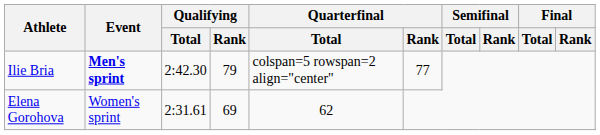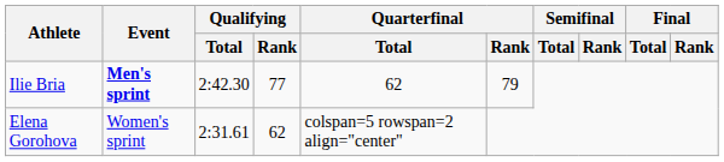 <table class="wikitable" style="font-size:90%">
 <tr>
 <th rowspan="2">Athlete</th>
 <th rowspan="2">Event</th>
 <th colspan="2">Qualifying</th>
 <th colspan="2">Quarterfinal</th>
 <th colspan="2">Semifinal</th>
 <th colspan="2">Final</th>
 </tr>
 <tr>
 <th>Total</th>
 <th>Rank</th>
 <th>Total</th>
 <th>Rank</th>
 <th>Total</th>
 <th>Rank</th>
 <th>Total</th>
 <th>Rank</th>
 </tr>
 <tr>
 <td><a href='#'>Ilie Bria</a></td>
 <td><strong><a href='#'>Men's sprint</a></strong></td>
 <td align="center">2:42.30</td>
+<td align="center">77</td>
+<td align="center">62</td>
 <td align="center">79</td>
-<td>colspan=5 rowspan=2 align="center" </td>
-<td align="center">77</td>
 </tr>
 <tr>
 <td><a href='#'>Elena Gorohova</a></td>
 <td><a href='#'>Women's sprint</a></td>
 <td align="center">2:31.61</td>
-<td align="center">69</td>
 <td align="center">62</td>
+<td>colspan=5 rowspan=2 align="center" </td>
 </tr>
 </table>
